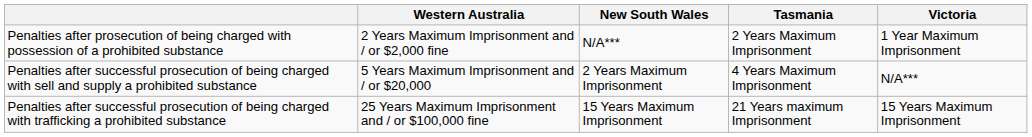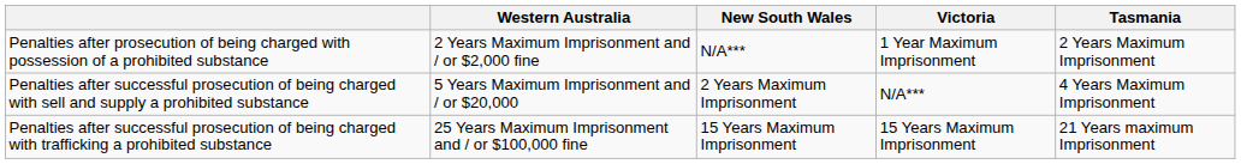 <table class="wikitable">
 <tr>
 <th></th>
 <th>Western Australia</th>
 <th>New South Wales</th>
+<th>Victoria</th>
 <th>Tasmania</th>
-<th>Victoria</th>
 </tr>
 <tr>
 <td>Penalties after prosecution of being charged with possession of a prohibited substance</td>
 <td>2 Years Maximum Imprisonment and / or $2,000 fine </td>
 <td>N/A***</td>
+<td>1 Year Maximum Imprisonment</td>
 <td>2 Years Maximum Imprisonment</td>
-<td>1 Year Maximum Imprisonment</td>
 </tr>
 <tr>
 <td>Penalties after successful prosecution of being charged with sell and supply a prohibited substance</td>
 <td>5 Years Maximum Imprisonment and / or $20,000 </td>
 <td>2 Years Maximum Imprisonment</td>
+<td>N/A***</td>
 <td>4 Years Maximum Imprisonment</td>
-<td>N/A***</td>
 </tr>
 <tr>
 <td>Penalties after successful prosecution of being charged with trafficking a prohibited substance</td>
 <td>25 Years Maximum Imprisonment and / or $100,000 fine </td>
 <td>15 Years Maximum Imprisonment </td>
+<td>15 Years Maximum Imprisonment </td>
 <td>21 Years maximum Imprisonment</td>
-<td>15 Years Maximum Imprisonment </td>
 </tr>
 </table>
